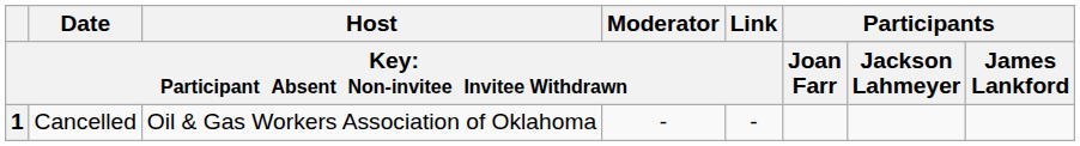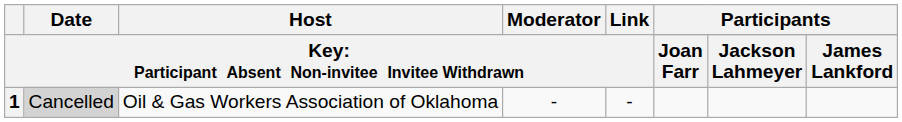 <table class="wikitable" style="text-align:center;">
 <tr>
 <th scope="col"></th>
 <th scope="col">Date</th>
 <th scope="col">Host</th>
 <th scope="col">Moderator</th>
 <th scope="col">Link</th>
 <th colspan="3" scope="col">Participants</th>
 </tr>
 <tr>
 <th colspan="5" rowspan="2">Key:<br> <small>Participant </small>  <small>Absent </small>  <small>Non-invitee </small>  <small>Invitee  Withdrawn</small></th>
 </tr>
 <tr>
 <th scope="col">Joan<br>Farr</th>
 <th scope="col">Jackson<br>Lahmeyer</th>
 <th scope="col">James<br>Lankford</th>
 </tr>
 <tr>
 <th scope="row">1</th>
-<td style="white-space:nowrap;">Cancelled</td>
+<td style="background: lightgrey; white-space:nowrap;">Cancelled</td>
 <td style="white-space:nowrap;">Oil & Gas Workers Association of Oklahoma</td>
 <td style="white-space:nowrap;">-</td>
 <td style="white-space:nowrap;">-</td>
 <td></td>
 <td></td>
 <td></td>
 </tr>
 </table>
